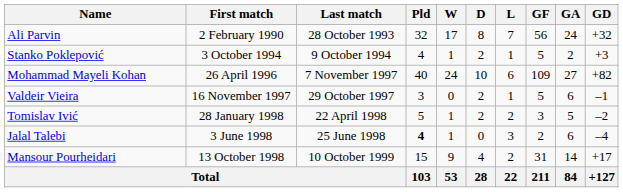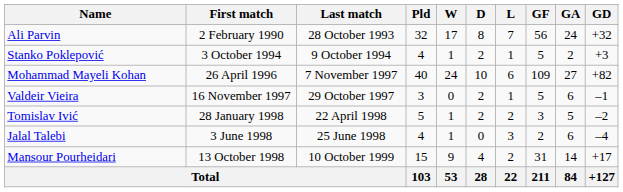 <table class="wikitable" style="text-align: center;">
 <tr>
 <th width=220>Name</th>
 <th width=130>First match</th>
 <th width=130>Last match</th>
 <th width=30>Pld</th>
 <th width=30>W</th>
 <th width=30>D</th>
 <th width=30>L</th>
 <th width=30>GF</th>
 <th width=30>GA</th>
 <th width=30>GD</th>
 </tr>
 <tr>
 <td align="left"> <a href='#'>Ali Parvin</a></td>
 <td>2 February 1990</td>
 <td>28 October 1993</td>
 <td>32</td>
 <td>17</td>
 <td>8</td>
 <td>7</td>
 <td>56</td>
 <td>24</td>
 <td>+32</td>
 </tr>
 <tr>
 <td align="left"> <a href='#'>Stanko Poklepović</a></td>
 <td>3 October 1994</td>
 <td>9 October 1994</td>
 <td>4</td>
 <td>1</td>
 <td>2</td>
 <td>1</td>
 <td>5</td>
 <td>2</td>
 <td>+3</td>
 </tr>
 <tr>
 <td align="left"> <a href='#'>Mohammad Mayeli Kohan</a></td>
 <td>26 April 1996</td>
 <td>7 November 1997</td>
 <td>40</td>
 <td>24</td>
 <td>10</td>
 <td>6</td>
 <td>109</td>
 <td>27</td>
 <td>+82</td>
 </tr>
 <tr>
 <td align="left"> <a href='#'>Valdeir Vieira</a></td>
 <td>16 November 1997</td>
 <td>29 October 1997</td>
 <td>3</td>
 <td>0</td>
 <td>2</td>
 <td>1</td>
 <td>5</td>
 <td>6</td>
 <td>–1</td>
 </tr>
 <tr>
 <td align="left"> <a href='#'>Tomislav Ivić</a></td>
 <td>28 January 1998</td>
 <td>22 April 1998</td>
 <td>5</td>
 <td>1</td>
 <td>2</td>
 <td>2</td>
 <td>3</td>
 <td>5</td>
 <td>–2</td>
 </tr>
 <tr>
 <td align="left"> <a href='#'>Jalal Talebi</a></td>
 <td>3 June 1998</td>
 <td>25 June 1998</td>
-<td><strong>4</strong></td>
+<td>4</td>
 <td>1</td>
 <td>0</td>
 <td>3</td>
 <td>2</td>
 <td>6</td>
 <td>–4</td>
 </tr>
 <tr>
 <td align="left"> <a href='#'>Mansour Pourheidari</a></td>
 <td>13 October 1998</td>
 <td>10 October 1999</td>
 <td>15</td>
 <td>9</td>
 <td>4</td>
 <td>2</td>
 <td>31</td>
 <td>14</td>
 <td>+17</td>
 </tr>
 <tr>
 <th colspan=3>Total</th>
 <th>103</th>
 <th>53</th>
 <th>28</th>
 <th>22</th>
 <th>211</th>
 <th>84</th>
 <th>+127</th>
 </tr>
 </table>
